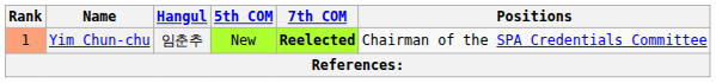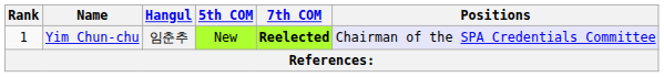 <table class="wikitable sortable">
 <tr>
 <th>Rank</th>
 <th>Name</th>
 <th class="unsortable"><a href='#'>Hangul</a></th>
 <th><a href='#'>5th COM</a></th>
 <th><a href='#'>7th COM</a></th>
 <th>Positions</th>
 </tr>
 <tr>
-<td align="center" style="background: lightsalmon;">1</td>
+<td align="center">1</td>
 <th align="center" scope="row" style="font-weight:normal;"><a href='#'>Yim Chun-chu</a></th>
 <th align="center" scope="row" style="font-weight:normal;">임춘추</th>
 <td align="center" style="background: GreenYellow">New</td>
 <td align="center" style="background: GreenYellow"><strong>Reelected</strong></td>
-<td>Chairman of the <a href='#'>SPA Credentials Committee</a></td>
+<td style="background: lavender;">Chairman of the <a href='#'>SPA Credentials Committee</a></td>
 </tr>
 <tr>
 <th colspan="6" unsortable><strong>References:</strong><br></th>
 </tr>
 </table>
